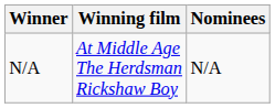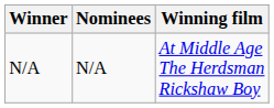 <table class="wikitable">
 <tr>
 <th>Winner</th>
+<th>Nominees</th>
 <th>Winning film</th>
-<th>Nominees</th>
 </tr>
 <tr>
 <td>N/A</td>
+<td>N/A</td>
 <td><em><a href='#'>At Middle Age</a></em><br><em><a href='#'>The Herdsman</a></em><br><em><a href='#'>Rickshaw Boy</a></em></td>
-<td>N/A</td>
 </tr>
 </table>
